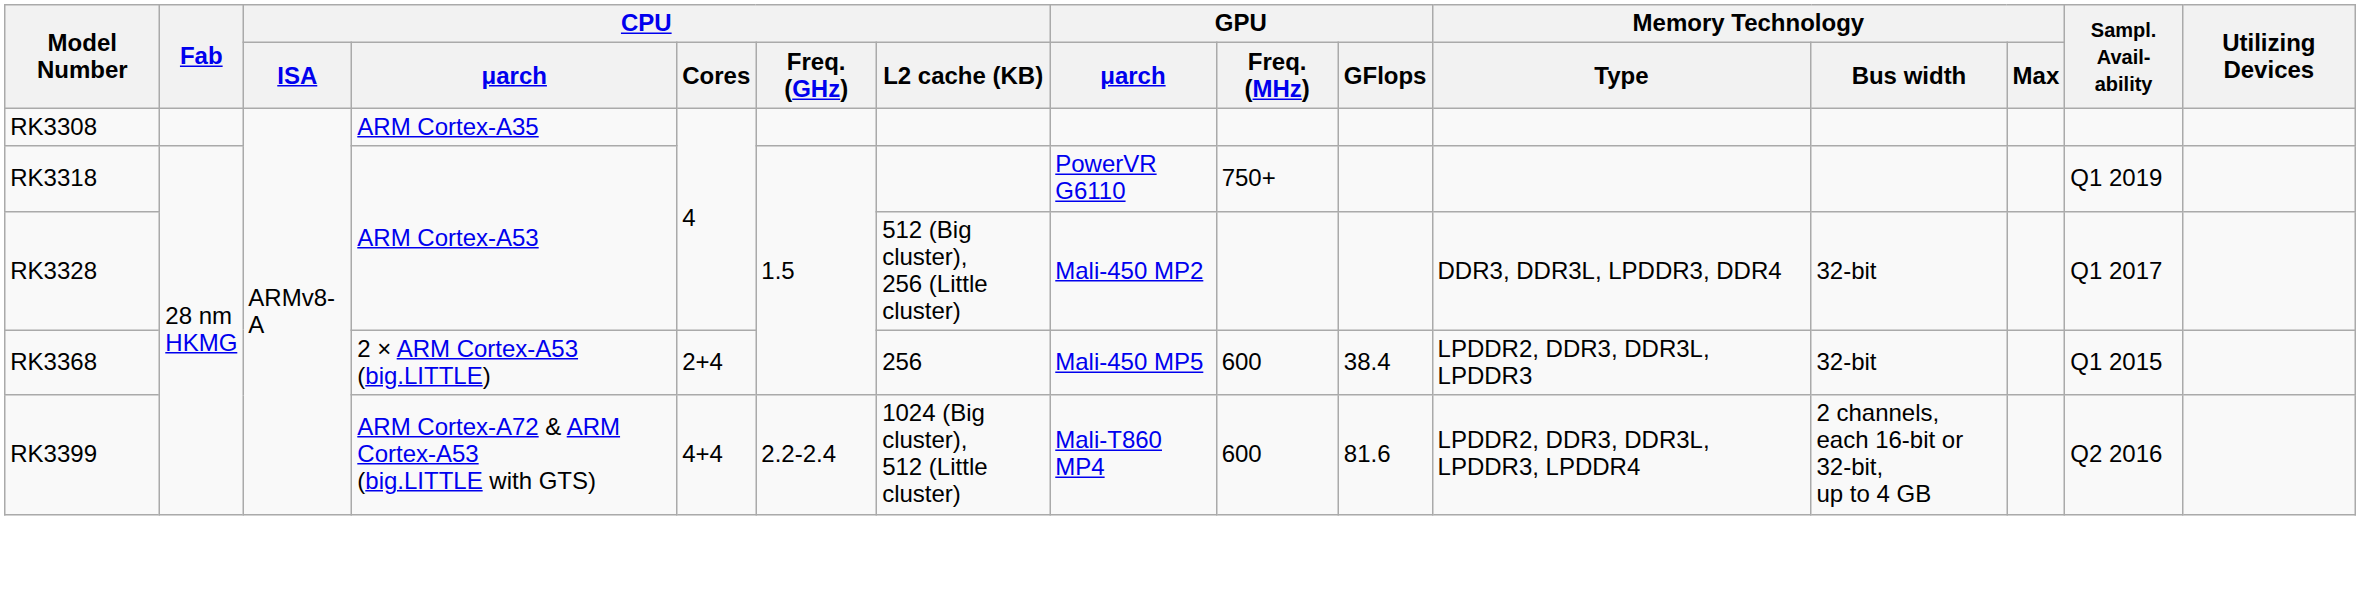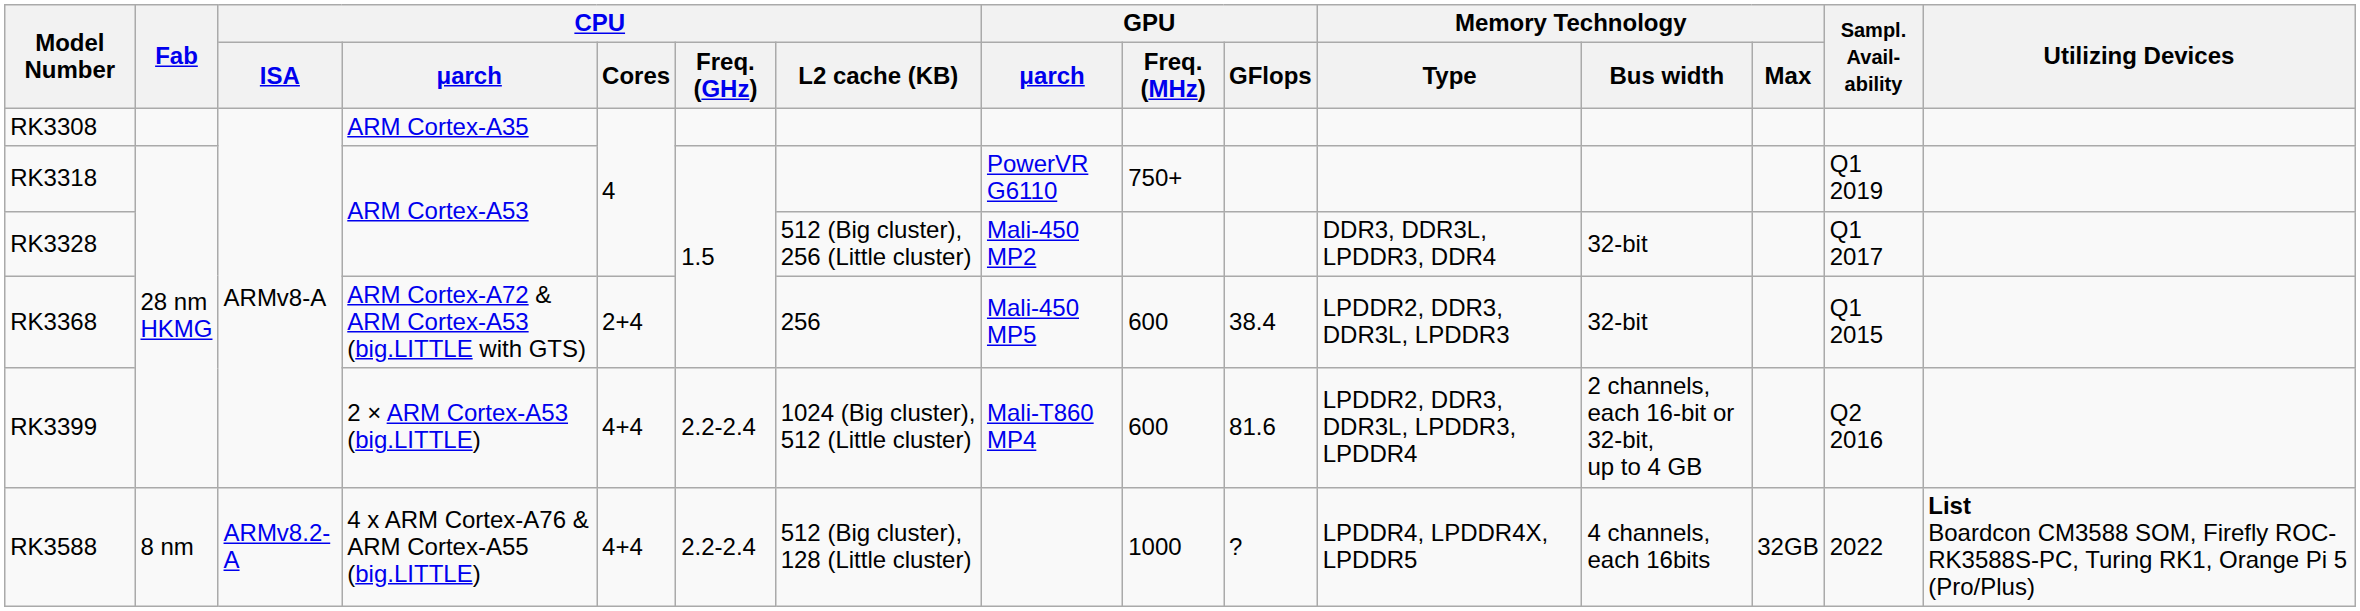 <table class="wikitable">
 <tr>
 <th rowspan="2">Model Number</th>
 <th rowspan="2"><a href='#'>Fab</a></th>
 <th colspan="5"><a href='#'>CPU</a></th>
 <th colspan="3">GPU</th>
 <th colspan="3">Memory Technology</th>
 <th rowspan="2"><small>Sampl. Avail-<br>ability</small></th>
 <th rowspan="2">Utilizing Devices</th>
 </tr>
 <tr>
 <th><a href='#'>ISA</a></th>
 <th><a href='#'>μarch</a></th>
 <th>Cores</th>
 <th>Freq. (<a href='#'>GHz</a>)</th>
 <th>L2 cache (KB)</th>
 <th><a href='#'>μarch</a></th>
 <th>Freq. (<a href='#'>MHz</a>)</th>
 <th>GFlops</th>
 <th>Type</th>
 <th>Bus width</th>
 <th>Max</th>
 </tr>
 <tr>
 <td>RK3308</td>
 <td></td>
 <td rowspan="5">ARMv8-A</td>
 <td><a href='#'>ARM Cortex-A35</a></td>
 <td rowspan="3">4</td>
 <td></td>
 <td></td>
 <td></td>
 <td></td>
 <td></td>
 <td></td>
 <td></td>
 <td></td>
 <td></td>
 <td></td>
 </tr>
 <tr>
 <td>RK3318</td>
 <td rowspan="4">28 nm<br><a href='#'>HKMG</a></td>
 <td rowspan="2"><a href='#'>ARM Cortex-A53</a></td>
 <td rowspan="3">1.5</td>
 <td></td>
 <td><a href='#'>PowerVR G6110</a></td>
 <td>750+</td>
 <td></td>
 <td></td>
 <td></td>
 <td></td>
 <td>Q1 2019</td>
 <td></td>
 </tr>
 <tr>
 <td>RK3328</td>
 <td>512 (Big cluster),<br> 256 (Little cluster)</td>
 <td><a href='#'>Mali-450 MP2</a></td>
 <td></td>
 <td></td>
 <td>DDR3, DDR3L, LPDDR3, DDR4</td>
 <td>32-bit</td>
 <td></td>
 <td>Q1 2017</td>
 <td></td>
 </tr>
 <tr>
 <td>RK3368</td>
-<td>2 × <a href='#'>ARM Cortex-A53</a> (<a href='#'>big.LITTLE</a>)</td>
+<td><a href='#'>ARM Cortex-A72</a> & <a href='#'>ARM Cortex-A53</a><br>(<a href='#'>big.LITTLE</a> with GTS)</td>
 <td>2+4</td>
 <td>256</td>
 <td><a href='#'>Mali-450 MP5</a></td>
 <td>600</td>
 <td>38.4</td>
 <td>LPDDR2, DDR3, DDR3L, LPDDR3</td>
 <td>32-bit</td>
 <td></td>
 <td>Q1 2015</td>
 <td></td>
 </tr>
 <tr>
 <td>RK3399</td>
-<td><a href='#'>ARM Cortex-A72</a> & <a href='#'>ARM Cortex-A53</a><br>(<a href='#'>big.LITTLE</a> with GTS)</td>
+<td>2 × <a href='#'>ARM Cortex-A53</a> (<a href='#'>big.LITTLE</a>)</td>
 <td>4+4</td>
 <td>2.2-2.4</td>
 <td>1024 (Big cluster),<br>512 (Little cluster)</td>
 <td><a href='#'>Mali-T860 MP4</a></td>
 <td>600</td>
 <td>81.6</td>
 <td>LPDDR2, DDR3, DDR3L, LPDDR3, LPDDR4</td>
 <td>2 channels,<br>each 16-bit or 32-bit,<br>up to 4 GB</td>
 <td></td>
 <td>Q2 2016</td>
 <td></td>
 </tr>
+<tr>
+<td>RK3588<br></td>
+<td>8 nm<br></td>
+<td><a href='#'>ARMv8.2-A</a></td>
+<td>4 x ARM Cortex-A76 & ARM Cortex-A55<br>(<a href='#'>big.LITTLE</a>)</td>
+<td>4+4</td>
+<td>2.2-2.4</td>
+<td>512 (Big cluster), 128 (Little cluster)</td>
+<td></td>
+<td>1000</td>
+<td>?</td>
+<td>LPDDR4, LPDDR4X, LPDDR5</td>
+<td>4 channels, each 16bits</td>
+<td>32GB</td>
+<td>2022</td>
+<td><strong>List</strong><br>Boardcon CM3588 SOM, Firefly ROC-RK3588S-PC, Turing RK1, Orange Pi 5 (Pro/Plus)</td>
+</tr>
 </table>
